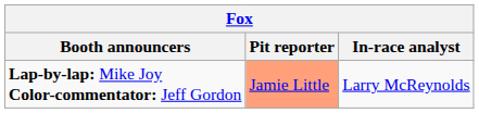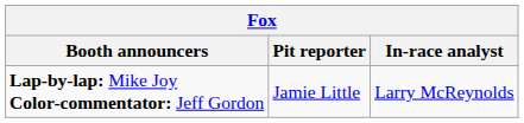 <table class="wikitable" style="font-size: 95%">
 <tr>
 <th colspan="3"><a href='#'>Fox</a></th>
 </tr>
 <tr>
 <th>Booth announcers</th>
 <th>Pit reporter</th>
 <th>In-race analyst</th>
 </tr>
 <tr>
 <td><strong>Lap-by-lap:</strong> <a href='#'>Mike Joy</a><br><strong>Color-commentator:</strong> <a href='#'>Jeff Gordon</a></td>
-<td style="background: lightsalmon;"><a href='#'>Jamie Little</a></td>
+<td><a href='#'>Jamie Little</a></td>
 <td><a href='#'>Larry McReynolds</a></td>
 </tr>
 </table>
